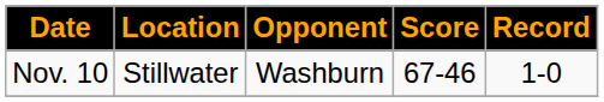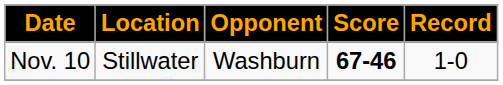 <table class="wikitable" style="text-align:center">
 <tr>
 <th style="background:black;color:orange;">Date</th>
 <th style="background:black;color:orange;">Location</th>
 <th style="background:black;color:orange;">Opponent</th>
 <th style="background:black;color:orange;">Score</th>
 <th style="background:black;color:orange;">Record</th>
 </tr>
 <tr>
 <td>Nov. 10</td>
 <td>Stillwater</td>
 <td>Washburn</td>
-<td>67-46</td>
+<td><strong>67-46</strong></td>
 <td>1-0</td>
 </tr>
 <tr>
 </tr>
 </table>
